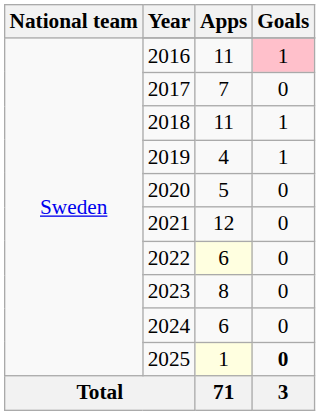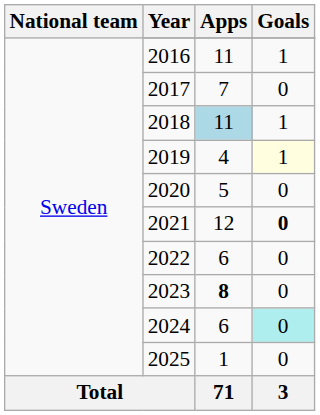 <table class="wikitable" style="text-align:center">
 <tr>
 <th>National team</th>
 <th>Year</th>
 <th>Apps</th>
 <th>Goals</th>
 </tr>
 <tr>
 <td rowspan=11><a href='#'>Sweden</a></td>
 </tr>
 <tr>
 <td>2016</td>
 <td>11</td>
-<td style="background: pink;">1</td>
+<td>1</td>
 </tr>
 <tr>
 <td>2017</td>
 <td>7</td>
 <td>0</td>
 </tr>
 <tr>
 <td>2018</td>
-<td>11</td>
+<td style="background: lightblue;">11</td>
 <td>1</td>
 </tr>
 <tr>
 <td>2019</td>
 <td>4</td>
-<td>1</td>
+<td style="background: lightyellow;">1</td>
 </tr>
 <tr>
 <td>2020</td>
 <td>5</td>
 <td>0</td>
 </tr>
 <tr>
 <td>2021</td>
 <td>12</td>
-<td>0</td>
+<td><strong>0</strong></td>
 </tr>
 <tr>
 <td>2022</td>
-<td style="background: lightyellow;">6</td>
+<td>6</td>
 <td>0</td>
 </tr>
 <tr>
 <td>2023</td>
-<td>8</td>
+<td><strong>8</strong></td>
 <td>0</td>
 </tr>
 <tr>
 <td>2024</td>
 <td>6</td>
-<td>0</td>
+<td style="background: paleturquoise;">0</td>
 </tr>
 <tr>
 <td>2025</td>
-<td style="background: lightyellow;">1</td>
-<td><strong>0</strong></td>
+<td>1</td>
+<td>0</td>
 </tr>
 <tr>
 <th colspan=2>Total</th>
 <th>71</th>
 <th>3</th>
 </tr>
 </table>
